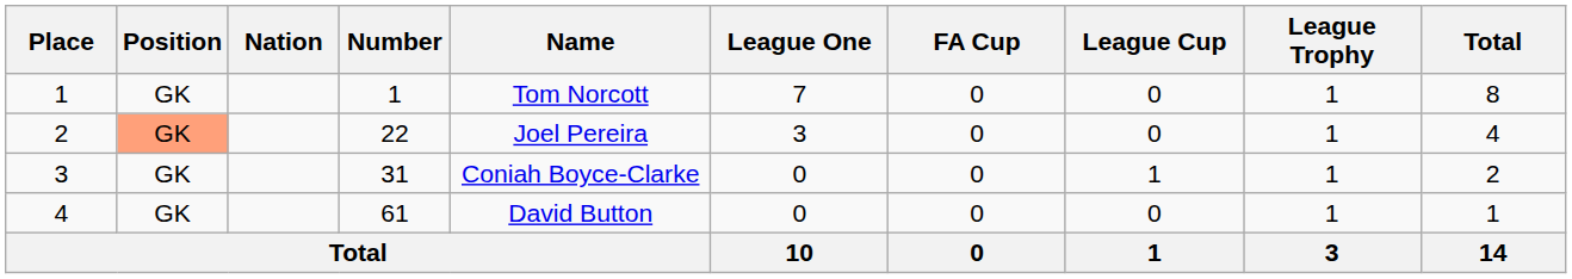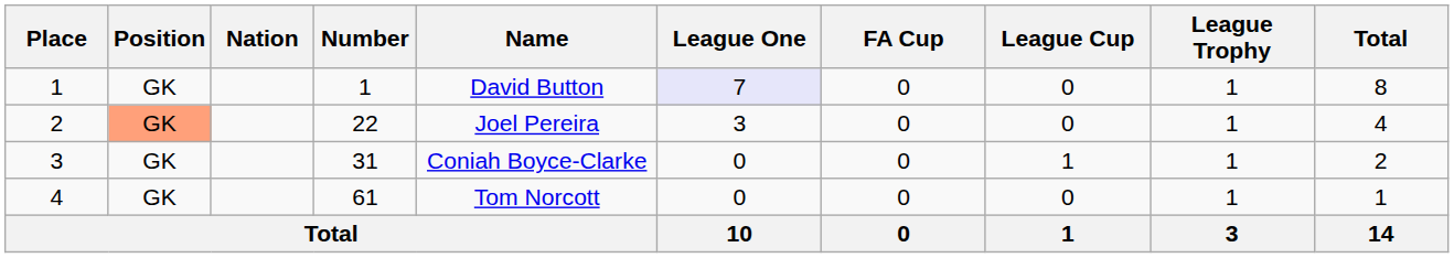 <table class="wikitable" style="font-size: 95%; text-align: center;">
 <tr>
 <th width=60>Place</th>
 <th width=60>Position</th>
 <th width=60>Nation</th>
 <th width=60>Number</th>
 <th width=150>Name</th>
 <th width=100>League One</th>
 <th width=100>FA Cup</th>
 <th width=100>League Cup</th>
 <th width=100>League Trophy</th>
 <th width=80><strong>Total</strong></th>
 </tr>
 <tr>
 <td>1</td>
 <td>GK</td>
 <td></td>
 <td>1</td>
-<td><a href='#'>Tom Norcott</a></td>
-<td>7</td>
+<td><a href='#'>David Button</a></td>
+<td style="background: lavender;">7</td>
 <td>0</td>
 <td>0</td>
 <td>1</td>
 <td>8</td>
 </tr>
 <tr>
 <td>2</td>
 <td style="background: lightsalmon;">GK</td>
 <td></td>
 <td>22</td>
 <td><a href='#'>Joel Pereira</a></td>
 <td>3</td>
 <td>0</td>
 <td>0</td>
 <td>1</td>
 <td>4</td>
 </tr>
 <tr>
 <td>3</td>
 <td>GK</td>
 <td></td>
 <td>31</td>
 <td><a href='#'>Coniah Boyce-Clarke</a></td>
 <td>0</td>
 <td>0</td>
 <td>1</td>
 <td>1</td>
 <td>2</td>
 </tr>
 <tr>
 <td>4</td>
 <td>GK</td>
 <td></td>
 <td>61</td>
-<td><a href='#'>David Button</a></td>
+<td><a href='#'>Tom Norcott</a></td>
 <td>0</td>
 <td>0</td>
 <td>0</td>
 <td>1</td>
 <td>1</td>
 </tr>
 <tr>
 <th colspan="5"><strong>Total</strong></th>
 <th>10</th>
 <th>0</th>
 <th>1</th>
 <th>3</th>
 <th><strong>14</strong></th>
 </tr>
 </table>
